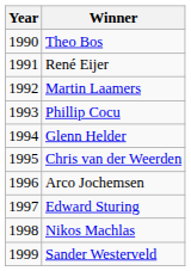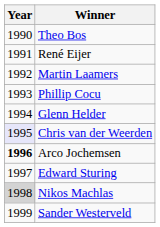 <table class="wikitable" style="display:inline-table; margin-right:1em">
 <tr>
 <th>Year</th>
 <th>Winner</th>
 </tr>
 <tr>
 <td>1990</td>
 <td> <a href='#'>Theo Bos</a></td>
 </tr>
 <tr>
 <td>1991</td>
 <td> 	René Eijer</td>
 </tr>
 <tr>
 <td>1992</td>
 <td> <a href='#'>Martin Laamers</a></td>
 </tr>
 <tr>
 <td>1993</td>
 <td> <a href='#'>Phillip Cocu</a></td>
 </tr>
 <tr>
 <td>1994</td>
 <td> <a href='#'>Glenn Helder</a></td>
 </tr>
 <tr>
-<td>1995</td>
+<td style="background: lavender;">1995</td>
 <td> <a href='#'>Chris van der Weerden</a></td>
 </tr>
 <tr>
-<td>1996</td>
+<td><strong>1996</strong></td>
 <td> Arco Jochemsen</td>
 </tr>
 <tr>
 <td>1997</td>
 <td> <a href='#'>Edward Sturing</a></td>
 </tr>
 <tr>
-<td>1998</td>
+<td style="background: lightgrey;">1998</td>
 <td> <a href='#'>Nikos Machlas</a></td>
 </tr>
 <tr>
 <td>1999</td>
 <td> <a href='#'>Sander Westerveld</a></td>
 </tr>
 </table>
